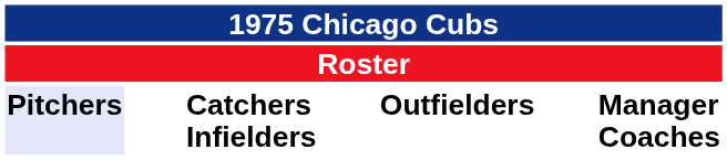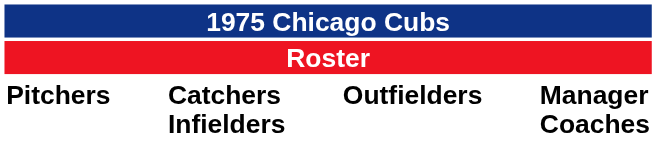 <table class="toccolours" style="font-size: 95%;">
 <tr>
 <th colspan="10" style="background-color: #0e3386; color: white; text-align: center;">1975 Chicago Cubs</th>
 </tr>
 <tr>
 <td colspan="10" style="background-color: #EE1422; color: white; text-align: center;"><strong>Roster</strong></td>
 </tr>
 <tr>
-<td valign="top" style="background: lavender;"><strong>Pitchers</strong><br>                  </td>
+<td valign="top"><strong>Pitchers</strong><br>                  </td>
 <td width="25px"></td>
 <td valign="top"><strong>Catchers</strong><br>   <strong>Infielders</strong>         </td>
 <td width="25px"></td>
 <td valign="top"><strong>Outfielders</strong><br>       </td>
 <td width="25px"></td>
 <td valign="top"><strong>Manager</strong><br> <strong>Coaches</strong>    </td>
 </tr>
 <tr>
 </tr>
 </table>
